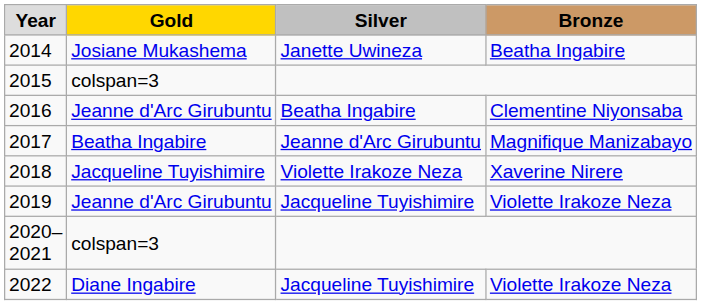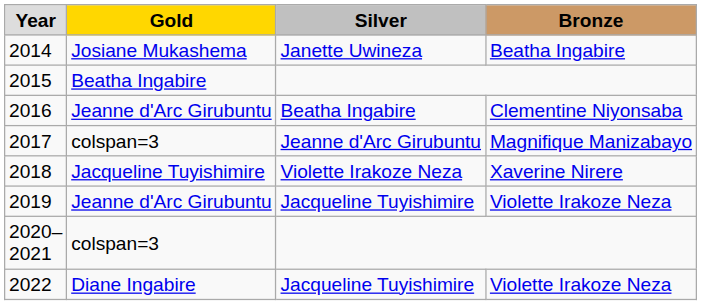 <table class="wikitable sortable alternance" style="font-size:95%">
 <tr>
 <td style="background:#DDDDDD; font-weight:bold; text-align:center;">Year</td>
 <td style="background:gold; font-weight:bold; text-align:center;">Gold</td>
 <td style="background:silver; font-weight:bold; text-align:center;">Silver</td>
 <td style="background:#cc9966; font-weight:bold; text-align:center;">Bronze</td>
 </tr>
 <tr>
 <td>2014</td>
 <td><a href='#'>Josiane Mukashema</a></td>
 <td><a href='#'>Janette Uwineza</a></td>
 <td><a href='#'>Beatha Ingabire</a></td>
 </tr>
 <tr>
 <td>2015</td>
-<td>colspan=3 </td>
+<td><a href='#'>Beatha Ingabire</a></td>
 </tr>
 <tr>
 <td>2016</td>
 <td><a href='#'>Jeanne d'Arc Girubuntu</a></td>
 <td><a href='#'>Beatha Ingabire</a></td>
 <td><a href='#'>Clementine Niyonsaba</a></td>
 </tr>
 <tr>
 <td>2017</td>
-<td><a href='#'>Beatha Ingabire</a></td>
+<td>colspan=3 </td>
 <td><a href='#'>Jeanne d'Arc Girubuntu</a></td>
 <td><a href='#'>Magnifique Manizabayo</a></td>
 </tr>
 <tr>
 <td>2018</td>
 <td><a href='#'>Jacqueline Tuyishimire</a></td>
 <td><a href='#'>Violette Irakoze Neza</a></td>
 <td><a href='#'>Xaverine Nirere</a></td>
 </tr>
 <tr>
 <td>2019</td>
 <td><a href='#'>Jeanne d'Arc Girubuntu</a></td>
 <td><a href='#'>Jacqueline Tuyishimire</a></td>
 <td><a href='#'>Violette Irakoze Neza</a></td>
 </tr>
 <tr>
 <td>2020–<br>2021</td>
 <td>colspan=3 </td>
 </tr>
 <tr>
 <td>2022</td>
 <td><a href='#'>Diane Ingabire</a></td>
 <td><a href='#'>Jacqueline Tuyishimire</a></td>
 <td><a href='#'>Violette Irakoze Neza</a></td>
 </tr>
 </table>
